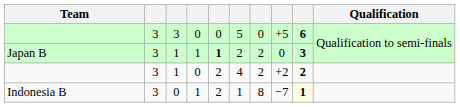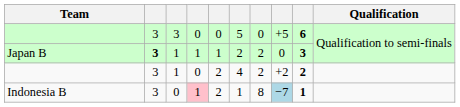 <table class="wikitable" style="text-align:center;">
 <tr>
 <th width=175>Team</th>
 <th width=20></th>
 <th width=20></th>
 <th width=20></th>
 <th width=20></th>
 <th width=20></th>
 <th width=20></th>
 <th width=20></th>
 <th width=20></th>
 <th>Qualification</th>
 </tr>
 <tr bgcolor="#ccffcc">
 <td align="left"></td>
 <td>3</td>
 <td>3</td>
 <td>0</td>
 <td>0</td>
 <td>5</td>
 <td>0</td>
 <td>+5</td>
 <td><strong>6</strong></td>
 <td rowspan="2">Qualification to semi-finals</td>
 </tr>
 <tr bgcolor="#ccffcc">
 <td align="left"> Japan B</td>
-<td>3</td>
+<td><strong>3</strong></td>
 <td>1</td>
 <td>1</td>
-<td><strong>1</strong></td>
+<td>1</td>
 <td>2</td>
 <td>2</td>
 <td>0</td>
 <td><strong>3</strong></td>
 </tr>
 <tr>
 <td align="left"></td>
 <td>3</td>
 <td>1</td>
 <td>0</td>
 <td>2</td>
 <td>4</td>
 <td>2</td>
 <td>+2</td>
 <td><strong>2</strong></td>
 <td></td>
 </tr>
 <tr>
 <td align="left"> Indonesia B</td>
 <td>3</td>
 <td>0</td>
-<td>1</td>
+<td style="background: pink;">1</td>
 <td>2</td>
 <td>1</td>
 <td>8</td>
-<td>−7</td>
-<td style="background: lightyellow;"><strong>1</strong></td>
+<td style="background: lightblue;">−7</td>
+<td><strong>1</strong></td>
 <td></td>
 </tr>
 </table>
